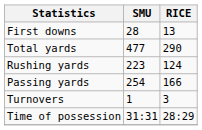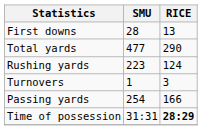 <table class="wikitable" style="float: left;">
 <tr>
 <th>Statistics</th>
 <th>SMU</th>
 <th>RICE</th>
 </tr>
 <tr>
 <td>First downs</td>
 <td>28</td>
 <td>13</td>
 </tr>
 <tr>
 <td>Total yards</td>
 <td>477</td>
 <td>290</td>
 </tr>
 <tr>
 <td>Rushing yards</td>
 <td>223</td>
 <td>124</td>
 </tr>
 <tr>
+<td>Turnovers</td>
+<td>1</td>
+<td>3</td>
+</tr>
+<tr>
 <td>Passing yards</td>
 <td>254</td>
 <td>166</td>
 </tr>
 <tr>
-<td>Turnovers</td>
-<td>1</td>
-<td>3</td>
-</tr>
-<tr>
 <td>Time of possession</td>
 <td>31:31</td>
-<td>28:29</td>
+<td><strong>28:29</strong></td>
 </tr>
 <tr>
 </tr>
 </table>
